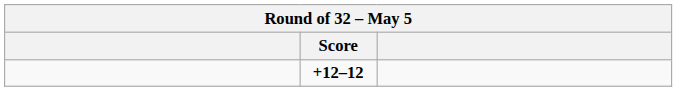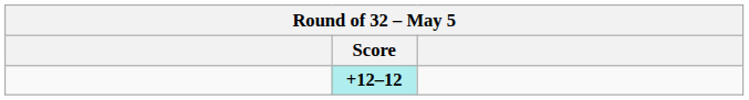 <table class="wikitable" style="text-align: center; font-size:90% ">
 <tr>
 <th colspan=3>Round of 32 – May 5</th>
 </tr>
 <tr>
 <th align="right" width="250"></th>
 <th width="60">Score</th>
 <th align="left" width="250"></th>
 </tr>
 <tr>
 <td align=left><strong></strong></td>
-<td align=center><strong>+12–12</strong></td>
+<td align=center style="background: paleturquoise;"><strong>+12–12</strong></td>
 <td align=left></td>
 </tr>
 </table>
